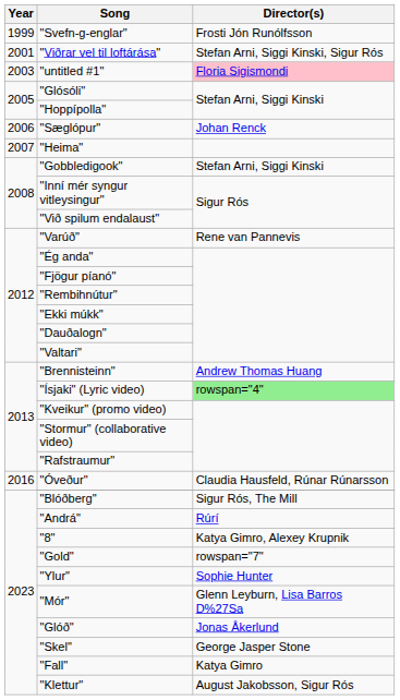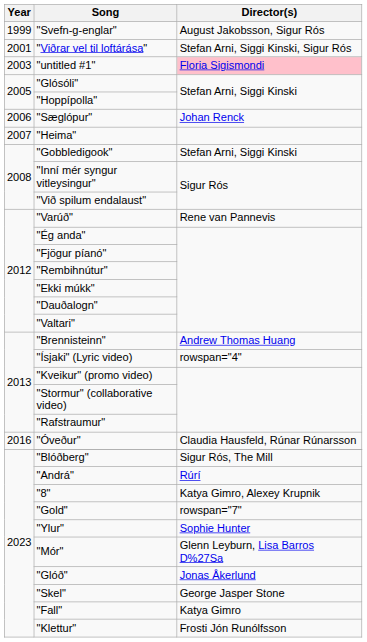 <table class="wikitable">
 <tr>
 <th>Year</th>
 <th style="width:200px;">Song</th>
 <th style="width:260px;">Director(s)</th>
 </tr>
 <tr>
 <td style="text-align:center;">1999</td>
 <td>"Svefn-g-englar"</td>
-<td>Frosti Jón Runólfsson</td>
+<td>August Jakobsson, Sigur Rós</td>
 </tr>
 <tr>
 <td style="text-align:center;">2001</td>
 <td>"<a href='#'>Viðrar vel til loftárása</a>"</td>
 <td>Stefan Arni, Siggi Kinski, Sigur Rós</td>
 </tr>
 <tr>
 <td style="text-align:center;">2003</td>
 <td>"untitled #1"</td>
 <td style="background: pink;"><a href='#'>Floria Sigismondi</a></td>
 </tr>
 <tr>
 <td style="text-align:center;" rowspan="2">2005</td>
 <td>"Glósóli"</td>
 <td rowspan="2">Stefan Arni, Siggi Kinski</td>
 </tr>
 <tr>
 <td>"Hoppípolla"</td>
 </tr>
 <tr>
 <td style="text-align:center;">2006</td>
 <td>"Sæglópur"</td>
 <td><a href='#'>Johan Renck</a></td>
 </tr>
 <tr>
 <td style="text-align:center;">2007</td>
 <td>"Heima"</td>
 <td></td>
 </tr>
 <tr>
 <td style="text-align:center;" rowspan="3">2008</td>
 <td>"Gobbledigook"</td>
 <td>Stefan Arni, Siggi Kinski</td>
 </tr>
 <tr>
 <td>"Inní mér syngur vitleysingur"</td>
 <td rowspan="2">Sigur Rós</td>
 </tr>
 <tr>
 <td>"Við spilum endalaust"</td>
 </tr>
 <tr>
 <td style="text-align:center;" rowspan="7">2012</td>
 <td>"Varúð"</td>
 <td>Rene van Pannevis</td>
 </tr>
 <tr>
 <td>"Ég anda"</td>
 </tr>
 <tr>
 <td>"Fjögur píanó"</td>
 </tr>
 <tr>
 <td>"Rembihnútur"</td>
 </tr>
 <tr>
 <td>"Ekki múkk"</td>
 </tr>
 <tr>
 <td>"Dauðalogn"</td>
 </tr>
 <tr>
 <td>"Valtari"</td>
 </tr>
 <tr>
 <td style="text-align:center;" rowspan="5">2013</td>
 <td>"Brennisteinn"</td>
 <td><a href='#'>Andrew Thomas Huang</a></td>
 </tr>
 <tr>
 <td>"Ísjaki" (Lyric video)</td>
-<td style="background: lightgreen;">rowspan="4" </td>
+<td>rowspan="4" </td>
 </tr>
 <tr>
 <td>"Kveikur" (promo video)</td>
 </tr>
 <tr>
 <td>"Stormur" (collaborative video)</td>
 </tr>
 <tr>
 <td>"Rafstraumur"</td>
 </tr>
 <tr>
 <td style="text-align:center;">2016</td>
 <td>"Óveður"</td>
 <td>Claudia Hausfeld, Rúnar Rúnarsson</td>
 </tr>
 <tr>
 <td style="text-align:center;" rowspan="11">2023</td>
 </tr>
 <tr>
 <td>"Blóðberg"</td>
 <td>Sigur Rós, The Mill</td>
 </tr>
 <tr>
 <td>"Andrá"</td>
 <td><a href='#'>Rúrí</a></td>
 </tr>
 <tr>
 <td>"8"</td>
 <td>Katya Gimro, Alexey Krupnik</td>
 </tr>
 <tr>
 <td>"Gold"</td>
 <td>rowspan="7" </td>
 </tr>
 <tr>
 <td>"Ylur"</td>
 <td><a href='#'>Sophie Hunter</a></td>
 </tr>
 <tr>
 <td>"Mór"</td>
 <td>Glenn Leyburn, <a href='#'>Lisa Barros D%27Sa</a></td>
 </tr>
 <tr>
 <td>"Glóð"</td>
 <td><a href='#'>Jonas Åkerlund</a></td>
 </tr>
 <tr>
 <td>"Skel"</td>
 <td>George Jasper Stone</td>
 </tr>
 <tr>
 <td>"Fall"</td>
 <td>Katya Gimro</td>
 </tr>
 <tr>
 <td>"Klettur"</td>
-<td>August Jakobsson, Sigur Rós</td>
+<td>Frosti Jón Runólfsson</td>
 </tr>
 </table>
